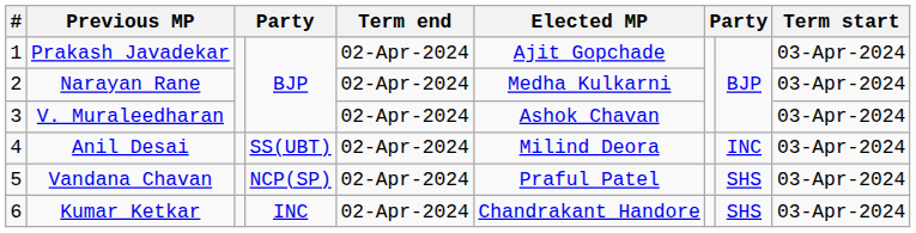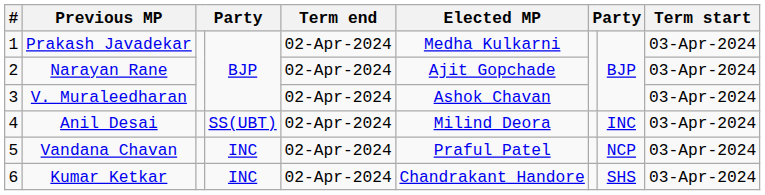 <table class="wikitable" style="text-align:center;">
 <tr>
 <th>#</th>
 <th>Previous MP</th>
 <th colspan="2">Party</th>
 <th>Term end</th>
 <th>Elected MP</th>
 <th colspan="2">Party</th>
 <th>Term start</th>
 </tr>
 <tr>
 <td>1</td>
 <td><a href='#'>Prakash Javadekar</a></td>
 <td rowspan=3></td>
 <td rowspan="3"><a href='#'>BJP</a></td>
 <td>02-Apr-2024</td>
-<td><a href='#'>Ajit Gopchade</a></td>
+<td><a href='#'>Medha Kulkarni</a></td>
 <td rowspan=3></td>
 <td rowspan="3"><a href='#'>BJP</a></td>
 <td>03-Apr-2024</td>
 </tr>
 <tr>
 <td>2</td>
 <td><a href='#'>Narayan Rane</a></td>
 <td>02-Apr-2024</td>
-<td><a href='#'>Medha Kulkarni</a></td>
+<td><a href='#'>Ajit Gopchade</a></td>
 <td>03-Apr-2024</td>
 </tr>
 <tr>
 <td>3</td>
 <td><a href='#'>V. Muraleedharan</a></td>
 <td>02-Apr-2024</td>
 <td><a href='#'>Ashok Chavan</a></td>
 <td>03-Apr-2024</td>
 </tr>
 <tr>
 <td>4</td>
 <td><a href='#'>Anil Desai</a></td>
 <td width="1px"></td>
 <td><a href='#'>SS(UBT)</a></td>
 <td>02-Apr-2024</td>
 <td><a href='#'>Milind Deora</a></td>
 <td width="1px"></td>
 <td><a href='#'>INC</a></td>
 <td>03-Apr-2024</td>
 </tr>
 <tr>
 <td>5</td>
 <td><a href='#'>Vandana Chavan</a></td>
 <td width="1px"></td>
-<td><a href='#'>NCP(SP)</a></td>
+<td><a href='#'>INC</a></td>
 <td>02-Apr-2024</td>
 <td><a href='#'>Praful Patel</a></td>
 <td width="1px"></td>
-<td><a href='#'>SHS</a></td>
+<td><a href='#'>NCP</a></td>
 <td>03-Apr-2024</td>
 </tr>
 <tr>
 <td>6</td>
 <td><a href='#'>Kumar Ketkar</a></td>
 <td width="1px"></td>
 <td><a href='#'>INC</a></td>
 <td>02-Apr-2024</td>
 <td><a href='#'>Chandrakant Handore</a></td>
 <td width="1px"></td>
 <td><a href='#'>SHS</a></td>
 <td>03-Apr-2024</td>
 </tr>
 </table>
